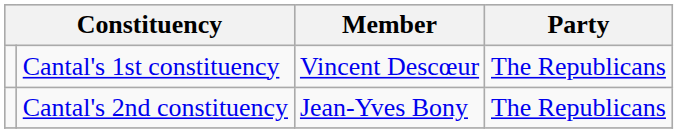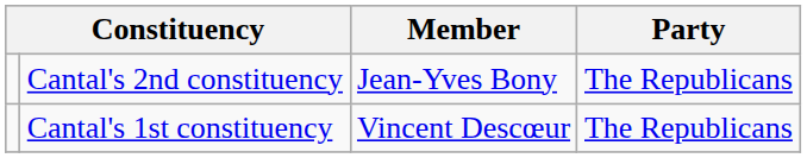 <table class="wikitable">
 <tr>
 <th colspan="2">Constituency</th>
 <th>Member</th>
 <th>Party</th>
 </tr>
 <tr>
 <td style="background-color: "></td>
+<td><a href='#'>Cantal's 2nd constituency</a></td>
+<td><a href='#'>Jean-Yves Bony</a></td>
+<td><a href='#'>The Republicans</a></td>
+</tr>
+<tr>
+<td style="background-color: "></td>
 <td><a href='#'>Cantal's 1st constituency</a></td>
 <td><a href='#'>Vincent Descœur</a></td>
 <td><a href='#'>The Republicans</a></td>
 </tr>
-<tr>
-<td style="background-color: "></td>
-<td><a href='#'>Cantal's 2nd constituency</a></td>
-<td><a href='#'>Jean-Yves Bony</a></td>
-<td><a href='#'>The Republicans</a></td>
-</tr>
 </table>
